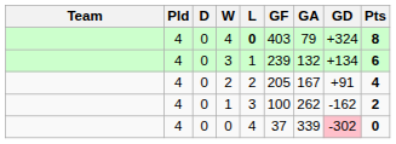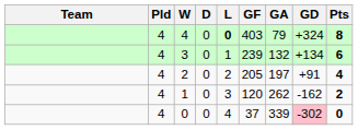 <table class="wikitable" style="text-align:center;">
 <tr>
 <th width=175>Team</th>
 <th width=20 abbr="Played">Pld</th>
+<th width=20 abbr="Won">W</th>
 <th width=20 abbr="Drawn">D</th>
-<th width=20 abbr="Won">W</th>
 <th width=20 abbr="Lost">L</th>
 <th width=20 abbr="Goals for">GF</th>
 <th width=20 abbr="Goals against">GA</th>
 <th width=20 abbr="Goal difference">GD</th>
 <th width=20 abbr="Points">Pts</th>
 </tr>
 <tr bgcolor="#ccffcc">
 <td align=left></td>
 <td>4</td>
+<td>4</td>
 <td>0</td>
-<td>4</td>
 <td><strong>0</strong></td>
 <td>403</td>
 <td>79</td>
 <td>+324</td>
 <td><strong>8</strong></td>
 </tr>
 <tr bgcolor="#ccffcc">
 <td align=left></td>
 <td>4</td>
+<td>3</td>
 <td>0</td>
-<td>3</td>
 <td>1</td>
 <td>239</td>
 <td>132</td>
 <td>+134</td>
 <td><strong>6</strong></td>
 </tr>
 <tr>
 <td align=left></td>
 <td>4</td>
+<td>2</td>
 <td>0</td>
 <td>2</td>
-<td>2</td>
 <td>205</td>
-<td>167</td>
+<td>197</td>
 <td>+91</td>
 <td><strong>4</strong></td>
 </tr>
 <tr>
 <td align=left></td>
 <td>4</td>
+<td>1</td>
 <td>0</td>
-<td>1</td>
 <td>3</td>
-<td>100</td>
+<td>120</td>
 <td>262</td>
 <td>-162</td>
 <td><strong>2</strong></td>
 </tr>
 <tr>
 <td align=left></td>
 <td>4</td>
 <td>0</td>
 <td>0</td>
 <td>4</td>
 <td>37</td>
 <td>339</td>
 <td style="background: pink;">-302</td>
 <td><strong>0</strong></td>
 </tr>
 </table>
